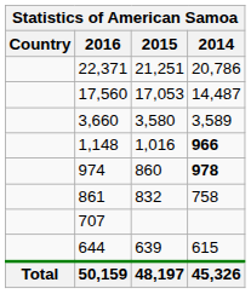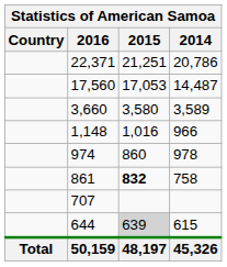 <table class="wikitable sortable collapsible collapsed">
 <tr>
 <th colspan=4>Statistics of American Samoa</th>
 </tr>
 <tr>
 <th>Country</th>
 <th>2016</th>
 <th>2015</th>
 <th>2014</th>
 </tr>
 <tr>
 <td></td>
 <td>22,371</td>
 <td>21,251</td>
 <td>20,786</td>
 </tr>
 <tr>
 <td></td>
 <td>17,560</td>
 <td>17,053</td>
 <td>14,487</td>
 </tr>
 <tr>
 <td></td>
 <td>3,660</td>
 <td>3,580</td>
 <td>3,589</td>
 </tr>
 <tr>
 <td></td>
 <td>1,148</td>
 <td>1,016</td>
-<td><strong>966</strong></td>
+<td>966</td>
 </tr>
 <tr>
 <td></td>
 <td>974</td>
 <td>860</td>
-<td><strong>978</strong></td>
+<td>978</td>
 </tr>
 <tr>
 <td></td>
 <td>861</td>
-<td>832</td>
+<td><strong>832</strong></td>
 <td>758</td>
 </tr>
 <tr>
 <td></td>
 <td>707</td>
 <td></td>
 <td></td>
 </tr>
 <tr>
 <td></td>
 <td>644</td>
-<td>639</td>
+<td style="background: lightgrey;">639</td>
 <td>615</td>
 </tr>
 <tr style="border-top:3px solid green;">
 <th>Total</th>
 <th>50,159</th>
 <th>48,197</th>
 <th>45,326</th>
 </tr>
 </table>
